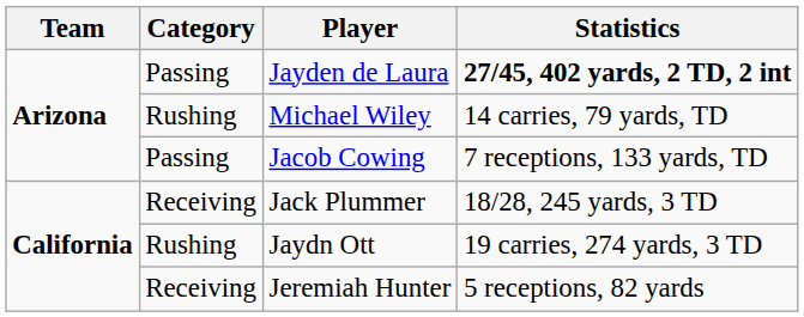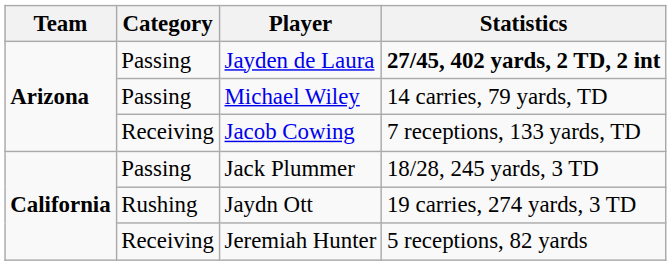 <table class="wikitable" style="float: right;">
 <tr>
 <th>Team</th>
 <th>Category</th>
 <th>Player</th>
 <th>Statistics</th>
 </tr>
 <tr>
 <td rowspan=3><strong>Arizona</strong></td>
 <td>Passing</td>
 <td><a href='#'>Jayden de Laura</a></td>
 <td><strong>27/45, 402 yards, 2 TD, 2 int</strong></td>
 </tr>
 <tr>
-<td>Rushing</td>
+<td>Passing</td>
 <td><a href='#'>Michael Wiley</a></td>
 <td>14 carries, 79 yards, TD</td>
 </tr>
 <tr>
-<td>Passing</td>
+<td>Receiving</td>
 <td><a href='#'>Jacob Cowing</a></td>
 <td>7 receptions, 133 yards, TD</td>
 </tr>
 <tr>
 <td rowspan=3><strong>California</strong></td>
-<td>Receiving</td>
+<td>Passing</td>
 <td>Jack Plummer</td>
 <td>18/28, 245 yards, 3 TD</td>
 </tr>
 <tr>
 <td>Rushing</td>
 <td>Jaydn Ott</td>
 <td>19 carries, 274 yards, 3 TD</td>
 </tr>
 <tr>
 <td>Receiving</td>
 <td>Jeremiah Hunter</td>
 <td>5 receptions, 82 yards</td>
 </tr>
 </table>
